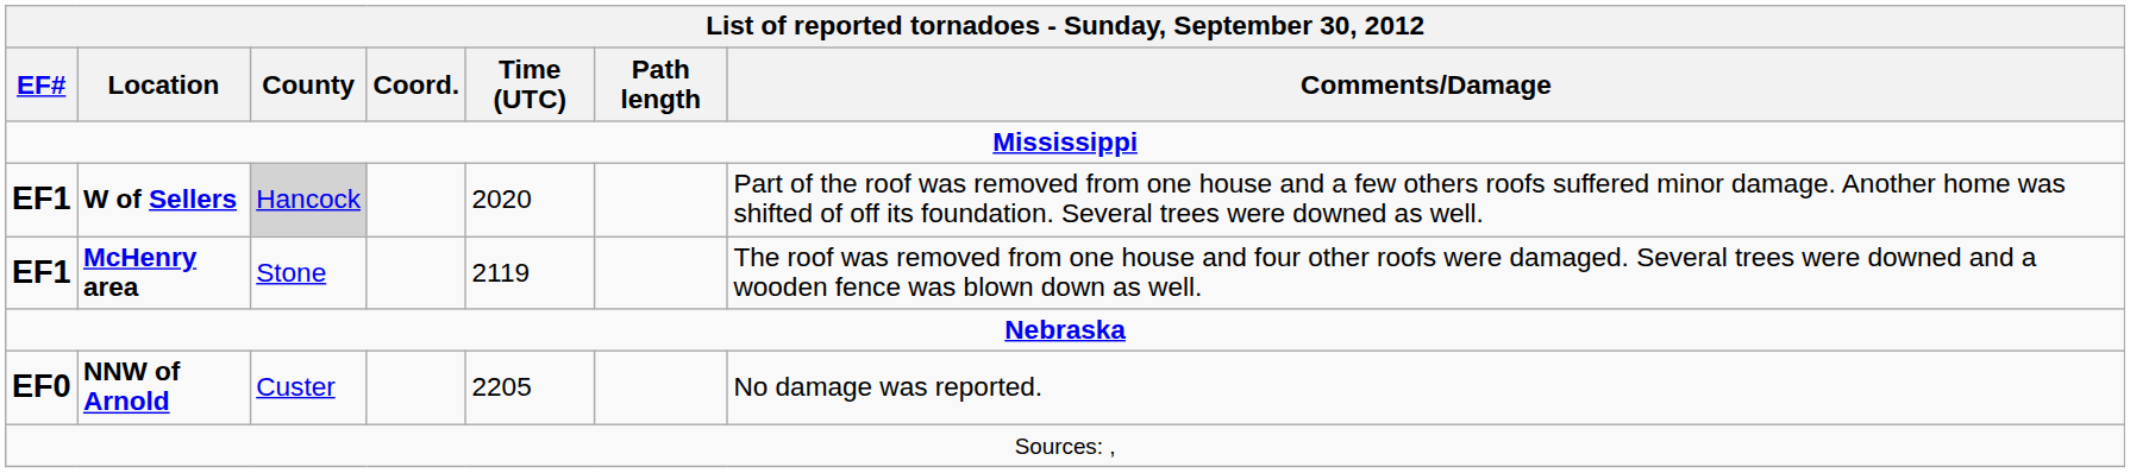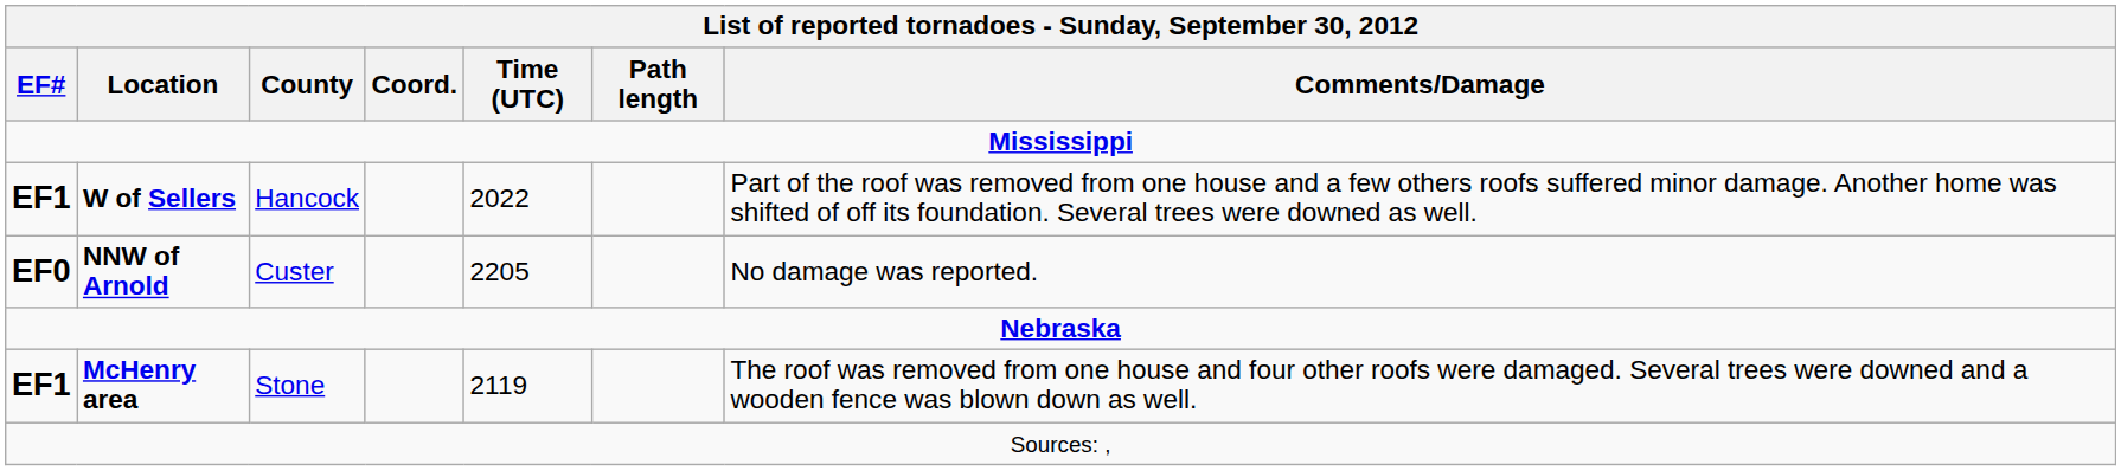 <table class="wikitable collapsible" width="100%">
 <tr>
 <th colspan="7">List of reported tornadoes - Sunday, September 30, 2012</th>
 </tr>
 <tr>
 <th><a href='#'>EF#</a></th>
 <th>Location</th>
 <th>County</th>
 <th>Coord.</th>
 <th>Time (UTC)</th>
 <th>Path length</th>
 <th>Comments/Damage</th>
 </tr>
 <tr>
 <td colspan="7" align=center><strong><a href='#'>Mississippi</a></strong></td>
 </tr>
 <tr>
 <td><big><strong>EF1</strong></big></td>
 <td><strong>W of <a href='#'>Sellers</a></strong></td>
-<td style="background: lightgrey;"><a href='#'>Hancock</a></td>
+<td><a href='#'>Hancock</a></td>
 <td></td>
-<td>2020</td>
+<td>2022</td>
 <td></td>
 <td>Part of the roof was removed from one house and a few others roofs suffered minor damage. Another home was shifted of off its foundation. Several trees were downed as well.</td>
+</tr>
+<tr>
+<td><big><strong>EF0</strong></big></td>
+<td><strong>NNW of <a href='#'>Arnold</a></strong></td>
+<td><a href='#'>Custer</a></td>
+<td></td>
+<td>2205</td>
+<td></td>
+<td>No damage was reported.</td>
+</tr>
+<tr>
+<td colspan="7" align=center><strong><a href='#'>Nebraska</a></strong></td>
 </tr>
 <tr>
 <td><big><strong>EF1</strong></big></td>
 <td><strong><a href='#'>McHenry</a> area</strong></td>
 <td><a href='#'>Stone</a></td>
 <td></td>
 <td>2119</td>
 <td></td>
 <td>The roof was removed from one house and four other roofs were damaged. Several trees were downed and a wooden fence was blown down as well.</td>
 </tr>
 <tr>
-<td colspan="7" align=center><strong><a href='#'>Nebraska</a></strong></td>
-</tr>
-<tr>
-<td><big><strong>EF0</strong></big></td>
-<td><strong>NNW of <a href='#'>Arnold</a></strong></td>
-<td><a href='#'>Custer</a></td>
-<td></td>
-<td>2205</td>
-<td></td>
-<td>No damage was reported.</td>
-</tr>
-<tr>
 <td colspan="7" align=center><small>Sources: , </small></td>
 </tr>
 </table>
